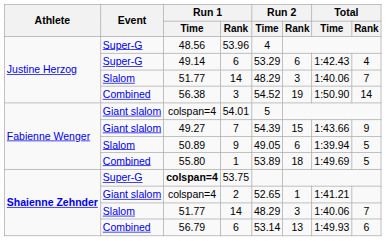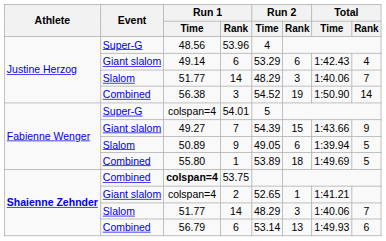 <table class="wikitable" style="font-size:90%">
 <tr>
 <th rowspan=2>Athlete</th>
 <th rowspan=2>Event</th>
 <th colspan=2>Run 1</th>
 <th colspan=2>Run 2</th>
 <th colspan=2>Total</th>
 </tr>
 <tr style="font-size:95%">
 <th>Time</th>
 <th>Rank</th>
 <th>Time</th>
 <th>Rank</th>
 <th>Time</th>
 <th>Rank</th>
 </tr>
 <tr align=center>
 <td align="left" rowspan="4"><a href='#'>Justine Herzog</a></td>
 <td align="left"><a href='#'>Super-G</a></td>
 <td>48.56</td>
 <td>53.96</td>
 <td>4</td>
 </tr>
 <tr align=center>
-<td align="left"><a href='#'>Super-G</a></td>
+<td align="left"><a href='#'>Giant slalom</a></td>
 <td>49.14</td>
 <td>6</td>
 <td>53.29</td>
 <td>6</td>
 <td>1:42.43</td>
 <td>4</td>
 </tr>
 <tr align=center>
 <td align="left"><a href='#'>Slalom</a></td>
 <td>51.77</td>
 <td>14</td>
 <td>48.29</td>
 <td>3</td>
 <td>1:40.06</td>
 <td>7</td>
 </tr>
 <tr align=center>
 <td align="left"><a href='#'>Combined</a></td>
 <td>56.38</td>
 <td>3</td>
 <td>54.52</td>
 <td>19</td>
 <td>1:50.90</td>
 <td>14</td>
 </tr>
 <tr align=center>
 <td align="left" rowspan="4"><a href='#'>Fabienne Wenger</a></td>
-<td align="left"><a href='#'>Giant slalom</a></td>
+<td align="left"><a href='#'>Super-G</a></td>
 <td>colspan=4</td>
 <td>54.01</td>
 <td>5</td>
 </tr>
 <tr align=center>
 <td align="left"><a href='#'>Giant slalom</a></td>
 <td>49.27</td>
 <td>7</td>
 <td>54.39</td>
 <td>15</td>
 <td>1:43.66</td>
 <td>9</td>
 </tr>
 <tr align=center>
 <td align="left"><a href='#'>Slalom</a></td>
 <td>50.89</td>
 <td>9</td>
 <td>49.05</td>
 <td>6</td>
 <td>1:39.94</td>
 <td>5</td>
 </tr>
 <tr align=center>
 <td align="left"><a href='#'>Combined</a></td>
 <td>55.80</td>
 <td>1</td>
 <td>53.89</td>
 <td>18</td>
 <td>1:49.69</td>
 <td>5</td>
 </tr>
 <tr align=center>
 <td align="left" rowspan="4"><strong><a href='#'>Shaienne Zehnder</a></strong></td>
-<td align="left"><a href='#'>Super-G</a></td>
+<td align="left"><a href='#'>Combined</a></td>
 <td><strong>colspan=4</strong></td>
 <td>53.75</td>
 <td></td>
 </tr>
 <tr align=center>
 <td align="left"><a href='#'>Giant slalom</a></td>
 <td>colspan=4</td>
 <td>2</td>
 <td>52.65</td>
 <td>1</td>
 <td>1:41.21</td>
 <td></td>
 </tr>
 <tr align=center>
 <td align="left"><a href='#'>Slalom</a></td>
 <td>51.77</td>
 <td>14</td>
 <td>48.29</td>
 <td>3</td>
 <td>1:40.06</td>
 <td>7</td>
 </tr>
 <tr align=center>
 <td align="left"><a href='#'>Combined</a></td>
 <td>56.79</td>
 <td>6</td>
 <td>53.14</td>
 <td>13</td>
 <td>1:49.93</td>
 <td>6</td>
 </tr>
 </table>
